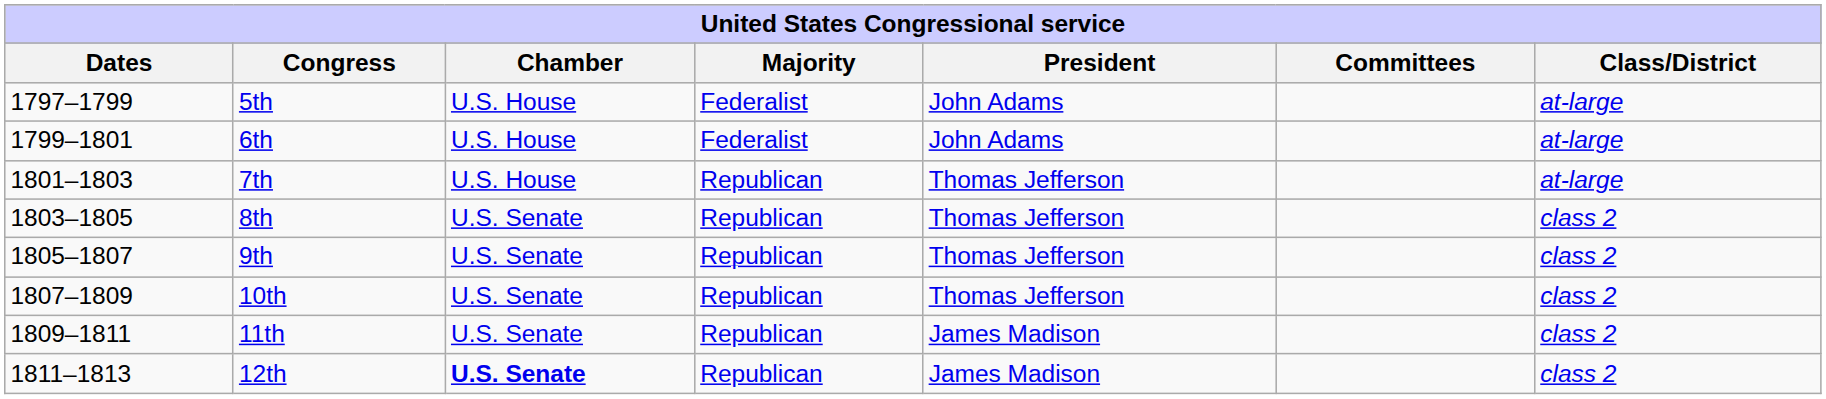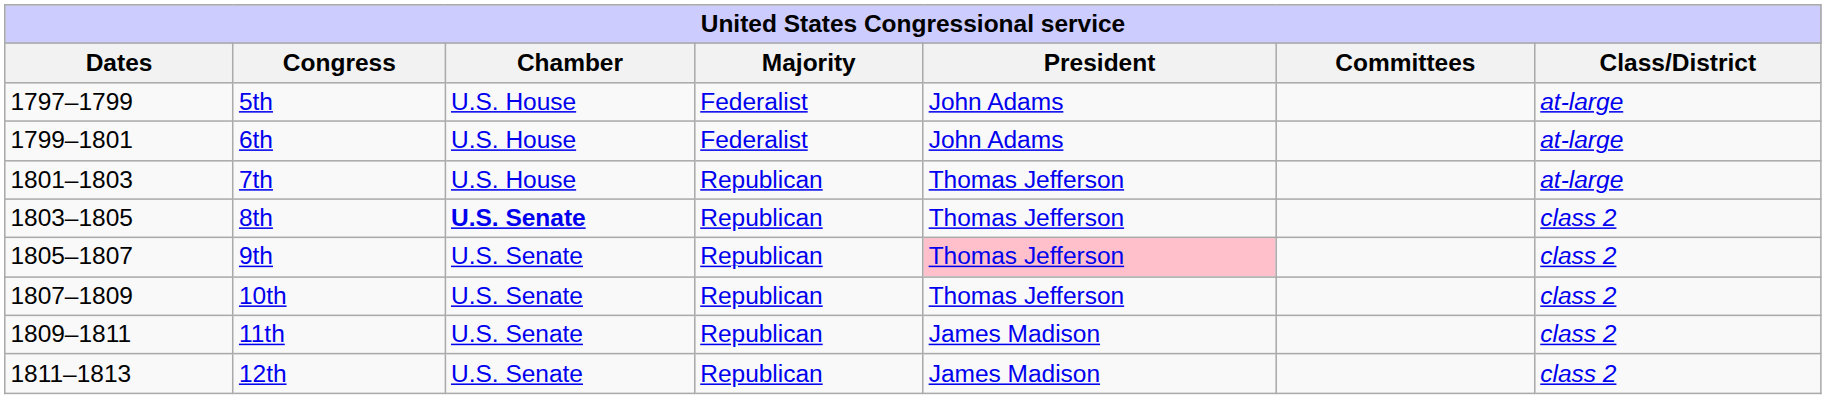 <table class=wikitable style="width: 94%" style="text-align: center;" align="center">
 <tr bgcolor=#cccccc>
 <th colspan=7 style="background: #ccccff;">United States Congressional service</th>
 </tr>
 <tr>
 <th><strong>Dates</strong></th>
 <th><strong>Congress</strong></th>
 <th><strong>Chamber</strong></th>
 <th><strong>Majority</strong></th>
 <th><strong>President</strong></th>
 <th><strong>Committees</strong></th>
 <th><strong>Class/District</strong></th>
 </tr>
 <tr>
 <td>1797–1799</td>
 <td><a href='#'>5th</a></td>
 <td><a href='#'>U.S. House</a></td>
 <td><a href='#'>Federalist</a></td>
 <td><a href='#'>John Adams</a></td>
 <td></td>
 <td><a href='#'><em>at-large</em></a></td>
 </tr>
 <tr>
 <td>1799–1801</td>
 <td><a href='#'>6th</a></td>
 <td><a href='#'>U.S. House</a></td>
 <td><a href='#'>Federalist</a></td>
 <td><a href='#'>John Adams</a></td>
 <td></td>
 <td><a href='#'><em>at-large</em></a></td>
 </tr>
 <tr>
 <td>1801–1803</td>
 <td><a href='#'>7th</a></td>
 <td><a href='#'>U.S. House</a></td>
 <td><a href='#'>Republican</a></td>
 <td><a href='#'>Thomas Jefferson</a></td>
 <td></td>
 <td><a href='#'><em>at-large</em></a></td>
 </tr>
 <tr>
 <td>1803–1805</td>
 <td><a href='#'>8th</a></td>
-<td><a href='#'>U.S. Senate</a></td>
+<td><strong><a href='#'>U.S. Senate</a></strong></td>
 <td><a href='#'>Republican</a></td>
 <td><a href='#'>Thomas Jefferson</a></td>
 <td></td>
 <td><a href='#'><em>class 2</em></a></td>
 </tr>
 <tr>
 <td>1805–1807</td>
 <td><a href='#'>9th</a></td>
 <td><a href='#'>U.S. Senate</a></td>
 <td><a href='#'>Republican</a></td>
-<td><a href='#'>Thomas Jefferson</a></td>
+<td style="background: pink;"><a href='#'>Thomas Jefferson</a></td>
 <td></td>
 <td><a href='#'><em>class 2</em></a></td>
 </tr>
 <tr>
 <td>1807–1809</td>
 <td><a href='#'>10th</a></td>
 <td><a href='#'>U.S. Senate</a></td>
 <td><a href='#'>Republican</a></td>
 <td><a href='#'>Thomas Jefferson</a></td>
 <td></td>
 <td><a href='#'><em>class 2</em></a></td>
 </tr>
 <tr>
 <td>1809–1811</td>
 <td><a href='#'>11th</a></td>
 <td><a href='#'>U.S. Senate</a></td>
 <td><a href='#'>Republican</a></td>
 <td><a href='#'>James Madison</a></td>
 <td></td>
 <td><a href='#'><em>class 2</em></a></td>
 </tr>
 <tr>
 <td>1811–1813</td>
 <td><a href='#'>12th</a></td>
-<td><strong><a href='#'>U.S. Senate</a></strong></td>
+<td><a href='#'>U.S. Senate</a></td>
 <td><a href='#'>Republican</a></td>
 <td><a href='#'>James Madison</a></td>
 <td></td>
 <td><a href='#'><em>class 2</em></a></td>
 </tr>
 </table>
